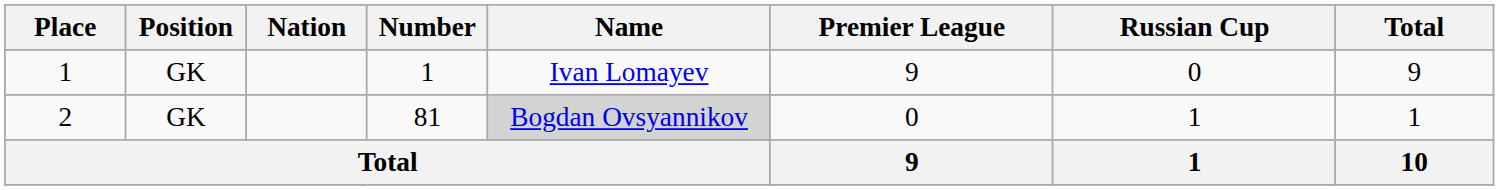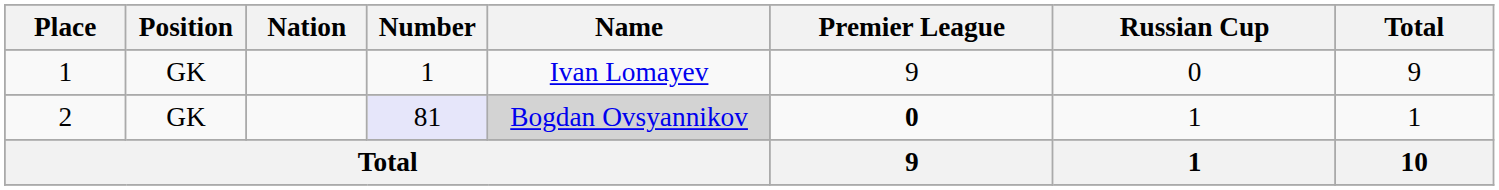 <table class="wikitable" style="font-size: 95%; text-align: center;">
 <tr>
 <th width=60>Place</th>
 <th width=60>Position</th>
 <th width=60>Nation</th>
 <th width=60>Number</th>
 <th width=150>Name</th>
 <th width=150>Premier League</th>
 <th width=150>Russian Cup</th>
 <th width=80>Total</th>
 </tr>
 <tr>
 <td>1</td>
 <td>GK</td>
 <td></td>
 <td>1</td>
 <td><a href='#'>Ivan Lomayev</a></td>
 <td>9</td>
 <td>0</td>
 <td>9</td>
 </tr>
 <tr>
 <td>2</td>
 <td>GK</td>
 <td></td>
-<td>81</td>
+<td style="background: lavender;">81</td>
 <td style="background: lightgrey;"><a href='#'>Bogdan Ovsyannikov</a></td>
-<td>0</td>
+<td><strong>0</strong></td>
 <td>1</td>
 <td>1</td>
 </tr>
 <tr>
 <th colspan=5>Total</th>
 <th>9</th>
 <th>1</th>
 <th>10</th>
 </tr>
 </table>
